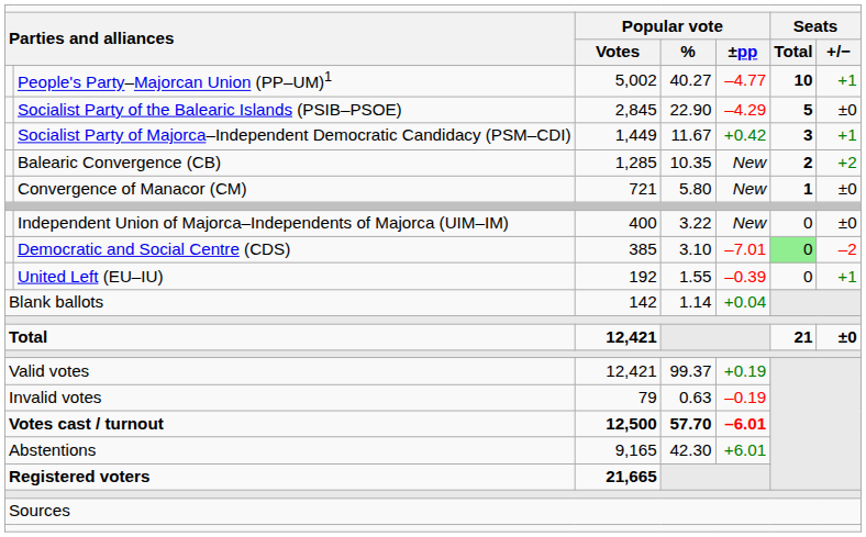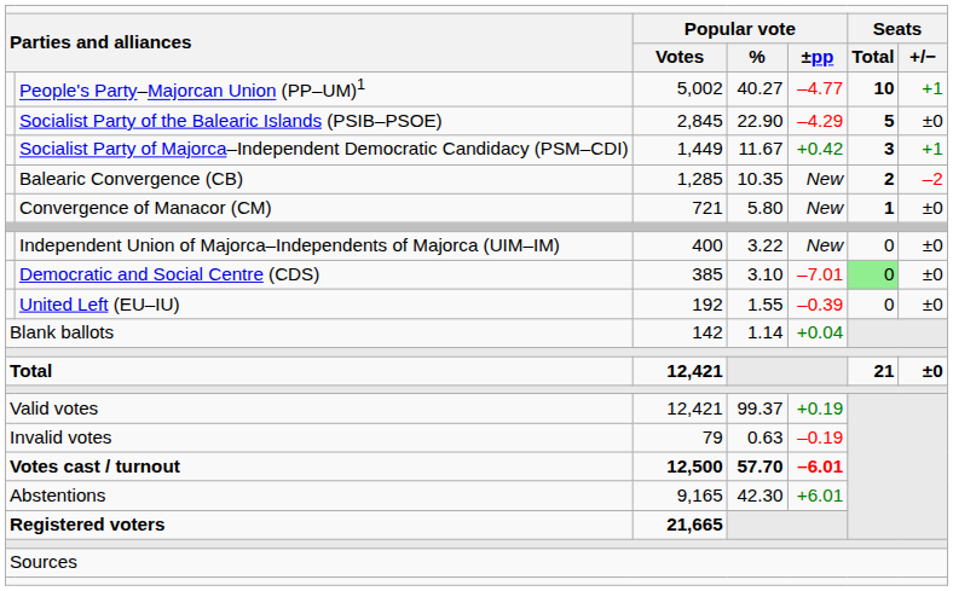 <table class="wikitable" style="text-align:right;">
 <tr>
 <td colspan="7"></td>
 </tr>
 <tr>
 <th style="text-align:left;" rowspan="2" colspan="2" width="525">Parties and alliances</th>
 <th colspan="3">Popular vote</th>
 <th colspan="2">Seats</th>
 </tr>
 <tr>
 <th width="75">Votes</th>
 <th width="45">%</th>
 <th width="45">±<a href='#'>pp</a></th>
 <th width="35">Total</th>
 <th width="35">+/−</th>
 </tr>
 <tr>
 <td width="1" style="color:inherit;background:"></td>
 <td align="left"><a href='#'>People's Party</a>–<a href='#'>Majorcan Union</a> (PP–UM)<sup>1</sup></td>
 <td>5,002</td>
 <td>40.27</td>
 <td style="color:red;">–4.77</td>
 <td><strong>10</strong></td>
 <td style="color:green;">+1</td>
 </tr>
 <tr>
 <td style="color:inherit;background:"></td>
 <td align="left"><a href='#'>Socialist Party of the Balearic Islands</a> (PSIB–PSOE)</td>
 <td>2,845</td>
 <td>22.90</td>
 <td style="color:red;">–4.29</td>
 <td><strong>5</strong></td>
 <td>±0</td>
 </tr>
 <tr>
 <td style="color:inherit;background:"></td>
 <td align="left"><a href='#'>Socialist Party of Majorca</a>–Independent Democratic Candidacy (PSM–CDI)</td>
 <td>1,449</td>
 <td>11.67</td>
 <td style="color:green;">+0.42</td>
 <td><strong>3</strong></td>
 <td style="color:green;">+1</td>
 </tr>
 <tr>
 <td style="color:inherit;background:"></td>
 <td align="left">Balearic Convergence (CB)</td>
 <td>1,285</td>
 <td>10.35</td>
 <td><em>New</em></td>
 <td><strong>2</strong></td>
-<td style="color:green;">+2</td>
+<td style="color:red;">–2</td>
 </tr>
 <tr>
 <td style="color:inherit;background:"></td>
 <td align="left">Convergence of Manacor (CM)</td>
 <td>721</td>
 <td>5.80</td>
 <td><em>New</em></td>
 <td><strong>1</strong></td>
 <td>±0</td>
 </tr>
 <tr>
 <td colspan="7" bgcolor="#C0C0C0"></td>
 </tr>
 <tr>
 <td style="color:inherit;background:"></td>
 <td align="left">Independent Union of Majorca–Independents of Majorca (UIM–IM)</td>
 <td>400</td>
 <td>3.22</td>
 <td><em>New</em></td>
 <td>0</td>
 <td>±0</td>
 </tr>
 <tr>
 <td style="color:inherit;background:"></td>
 <td align="left"><a href='#'>Democratic and Social Centre</a> (CDS)</td>
 <td>385</td>
 <td>3.10</td>
 <td style="color:red;">–7.01</td>
 <td style="background: lightgreen;">0</td>
-<td style="color:red;">–2</td>
+<td>±0</td>
 </tr>
 <tr>
 <td style="color:inherit;background:"></td>
 <td align="left"><a href='#'>United Left</a> (EU–IU)</td>
 <td>192</td>
 <td>1.55</td>
 <td style="color:red;">–0.39</td>
 <td>0</td>
-<td style="color:green;">+1</td>
+<td>±0</td>
 </tr>
 <tr>
 <td align="left" colspan="2">Blank ballots</td>
 <td>142</td>
 <td>1.14</td>
 <td style="color:green;">+0.04</td>
 <td bgcolor="#E9E9E9" colspan="2"></td>
 </tr>
 <tr>
 <td colspan="7" bgcolor="#E9E9E9"></td>
 </tr>
 <tr style="font-weight:bold;">
 <td align="left" colspan="2">Total</td>
 <td>12,421</td>
 <td bgcolor="#E9E9E9" colspan="2"></td>
 <td>21</td>
 <td>±0</td>
 </tr>
 <tr>
 <td colspan="7" bgcolor="#E9E9E9"></td>
 </tr>
 <tr>
 <td align="left" colspan="2">Valid votes</td>
 <td>12,421</td>
 <td>99.37</td>
 <td style="color:green;">+0.19</td>
 <td bgcolor="#E9E9E9" colspan="2" rowspan="5"></td>
 </tr>
 <tr>
 <td align="left" colspan="2">Invalid votes</td>
 <td>79</td>
 <td>0.63</td>
 <td style="color:red;">–0.19</td>
 </tr>
 <tr style="font-weight:bold;">
 <td align="left" colspan="2">Votes cast / turnout</td>
 <td>12,500</td>
 <td>57.70</td>
 <td style="color:red;">–6.01</td>
 </tr>
 <tr>
 <td align="left" colspan="2">Abstentions</td>
 <td>9,165</td>
 <td>42.30</td>
 <td style="color:green;">+6.01</td>
 </tr>
 <tr style="font-weight:bold;">
 <td align="left" colspan="2">Registered voters</td>
 <td>21,665</td>
 <td bgcolor="#E9E9E9" colspan="2"></td>
 </tr>
 <tr>
 <td colspan="7" bgcolor="#E9E9E9"></td>
 </tr>
 <tr>
 <td align="left" colspan="7">Sources</td>
 </tr>
 <tr>
 <td colspan="7" style="text-align:left; max-width:790px;"></td>
 </tr>
 </table>
